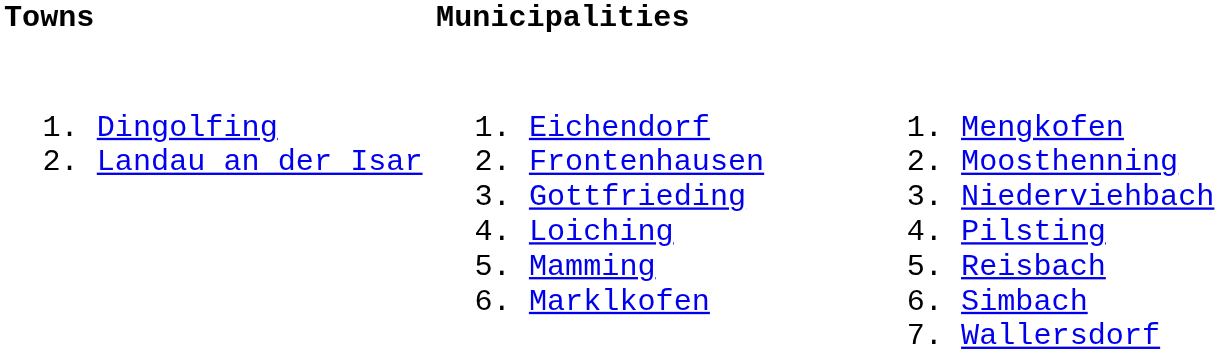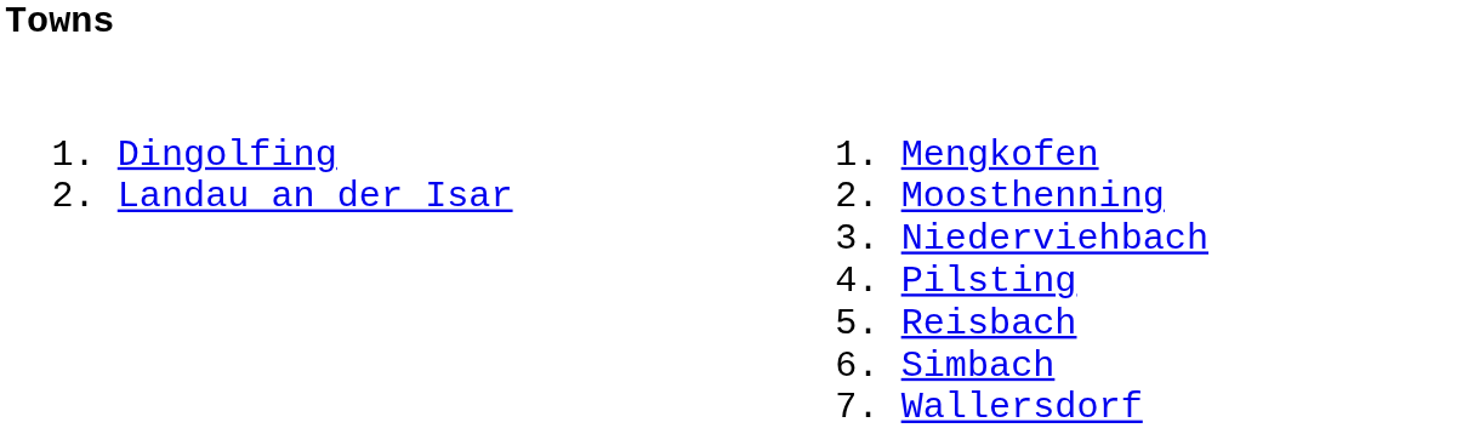 <table>
 <tr>
 <th align=left width=33%>Towns</th>
-<th align=left width=33%>Municipalities</th>
 <th align=left width=33%></th>
 </tr>
 <tr valign=top>
 <td><br><ol><li><a href='#'>Dingolfing</a></li><li><a href='#'>Landau an der Isar</a></li></ol></td>
-<td><br><ol><li><a href='#'>Eichendorf</a></li><li><a href='#'>Frontenhausen</a></li><li><a href='#'>Gottfrieding</a></li><li><a href='#'>Loiching</a></li><li><a href='#'>Mamming</a></li><li><a href='#'>Marklkofen</a></li></ol></td>
 <td><br><ol> <li> <a href='#'>Mengkofen</a> <li> <a href='#'>Moosthenning</a> <li> <a href='#'>Niederviehbach</a> <li> <a href='#'>Pilsting</a> <li> <a href='#'>Reisbach</a> <li> <a href='#'>Simbach</a> <li> <a href='#'>Wallersdorf</a> </ol></td>
 </tr>
 </table>
